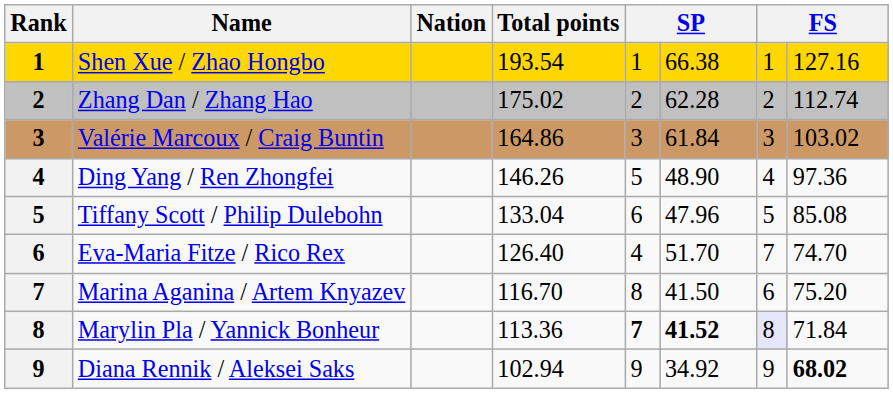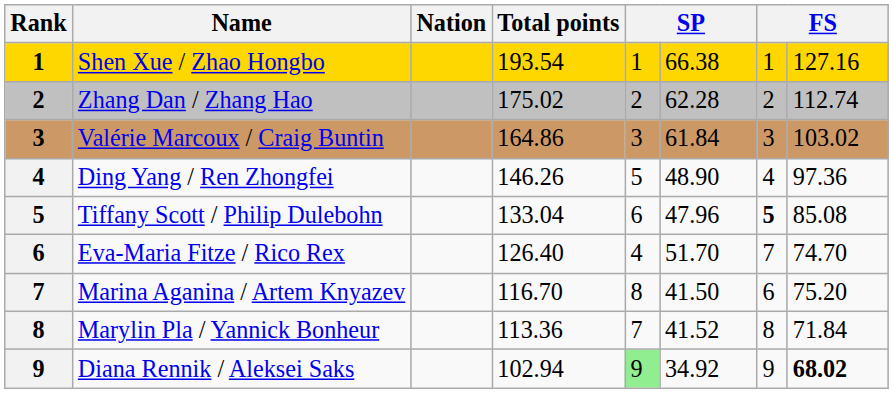 <table class="wikitable">
 <tr>
 <th>Rank</th>
 <th>Name</th>
 <th>Nation</th>
 <th>Total points</th>
 <th colspan="2" width="80px"><a href='#'>SP</a></th>
 <th colspan="2" width="80px"><a href='#'>FS</a></th>
 </tr>
 <tr bgcolor="gold">
 <td align="center"><strong>1</strong></td>
 <td><a href='#'>Shen Xue</a> / <a href='#'>Zhao Hongbo</a></td>
 <td></td>
 <td>193.54</td>
 <td>1</td>
 <td>66.38</td>
 <td>1</td>
 <td>127.16</td>
 </tr>
 <tr bgcolor="silver">
 <td align="center"><strong>2</strong></td>
 <td><a href='#'>Zhang Dan</a> / <a href='#'>Zhang Hao</a></td>
 <td></td>
 <td>175.02</td>
 <td>2</td>
 <td>62.28</td>
 <td>2</td>
 <td>112.74</td>
 </tr>
 <tr bgcolor="cc9966">
 <td align="center"><strong>3</strong></td>
 <td><a href='#'>Valérie Marcoux</a> / <a href='#'>Craig Buntin</a></td>
 <td></td>
 <td>164.86</td>
 <td>3</td>
 <td>61.84</td>
 <td>3</td>
 <td>103.02</td>
 </tr>
 <tr>
 <th>4</th>
 <td><a href='#'>Ding Yang</a> / <a href='#'>Ren Zhongfei</a></td>
 <td></td>
 <td>146.26</td>
 <td>5</td>
 <td>48.90</td>
 <td>4</td>
 <td>97.36</td>
 </tr>
 <tr>
 <th>5</th>
 <td><a href='#'>Tiffany Scott</a> / <a href='#'>Philip Dulebohn</a></td>
 <td></td>
 <td>133.04</td>
 <td>6</td>
 <td>47.96</td>
-<td>5</td>
+<td><strong>5</strong></td>
 <td>85.08</td>
 </tr>
 <tr>
 <th>6</th>
 <td><a href='#'>Eva-Maria Fitze</a> / <a href='#'>Rico Rex</a></td>
 <td></td>
 <td>126.40</td>
 <td>4</td>
 <td>51.70</td>
 <td>7</td>
 <td>74.70</td>
 </tr>
 <tr>
 <th>7</th>
 <td><a href='#'>Marina Aganina</a> / <a href='#'>Artem Knyazev</a></td>
 <td></td>
 <td>116.70</td>
 <td>8</td>
 <td>41.50</td>
 <td>6</td>
 <td>75.20</td>
 </tr>
 <tr>
 <th>8</th>
 <td><a href='#'>Marylin Pla</a> / <a href='#'>Yannick Bonheur</a></td>
 <td></td>
 <td>113.36</td>
-<td><strong>7</strong></td>
-<td><strong>41.52</strong></td>
-<td style="background: lavender;">8</td>
+<td>7</td>
+<td>41.52</td>
+<td>8</td>
 <td>71.84</td>
 </tr>
 <tr>
 <th>9</th>
 <td><a href='#'>Diana Rennik</a> / <a href='#'>Aleksei Saks</a></td>
 <td></td>
 <td>102.94</td>
-<td>9</td>
+<td style="background: lightgreen;">9</td>
 <td>34.92</td>
 <td>9</td>
 <td><strong>68.02</strong></td>
 </tr>
 </table>
